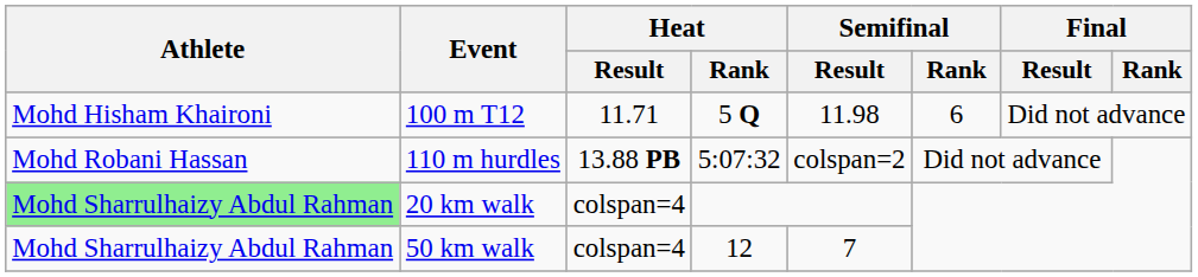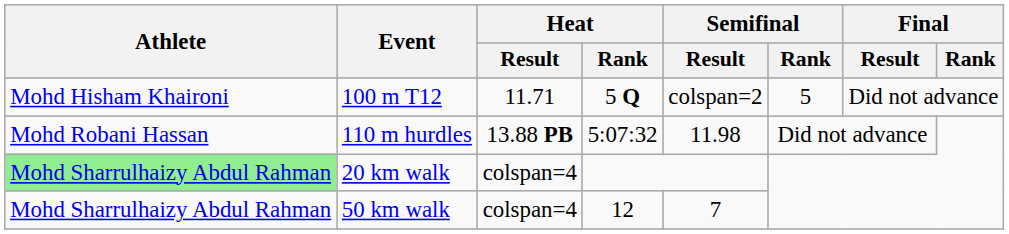 <table class="wikitable" style="font-size:90%">
 <tr>
 <th rowspan="2">Athlete</th>
 <th rowspan="2">Event</th>
 <th colspan="2">Heat</th>
 <th colspan="2">Semifinal</th>
 <th colspan="2">Final</th>
 </tr>
 <tr style="font-size:95%">
 <th>Result</th>
 <th>Rank</th>
 <th>Result</th>
 <th>Rank</th>
 <th>Result</th>
 <th>Rank</th>
 </tr>
 <tr align=center>
 <td align=left><a href='#'>Mohd Hisham Khaironi</a></td>
 <td align=left><a href='#'>100 m T12</a></td>
 <td>11.71</td>
 <td>5 <strong>Q</strong></td>
-<td>11.98</td>
-<td>6</td>
+<td>colspan=2 </td>
+<td>5</td>
 <td colspan=2>Did not advance</td>
 </tr>
 <tr align=center>
 <td align=left><a href='#'>Mohd Robani Hassan</a></td>
 <td align=left><a href='#'>110 m hurdles</a></td>
 <td>13.88 <strong>PB</strong></td>
 <td>5:07:32</td>
-<td>colspan=2 </td>
+<td>11.98</td>
 <td colspan=2>Did not advance</td>
 </tr>
 <tr align=center>
 <td align=left style="background: lightgreen;"><a href='#'>Mohd Sharrulhaizy Abdul Rahman</a></td>
 <td align=left><a href='#'>20 km walk</a></td>
 <td>colspan=4 </td>
 <td colspan=2></td>
 </tr>
 <tr align=center>
 <td align=left><a href='#'>Mohd Sharrulhaizy Abdul Rahman</a></td>
 <td align=left><a href='#'>50 km walk</a></td>
 <td>colspan=4 </td>
 <td>12</td>
 <td>7</td>
 </tr>
 </table>
